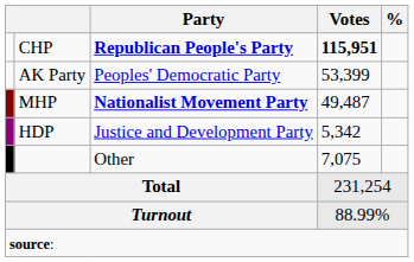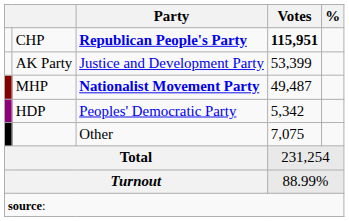 <table class="wikitable">
 <tr>
 <th colspan="2" align="center"></th>
 <th align="center">Party</th>
 <th align="center">Votes</th>
 <th align="center">%</th>
 </tr>
 <tr align="left">
 <td></td>
 <td>CHP</td>
 <td><strong><a href='#'>Republican People's Party</a></strong></td>
 <td><strong>115,951</strong></td>
 <td><strong></strong></td>
 </tr>
 <tr align="left">
 <td></td>
 <td>AK Party</td>
-<td><a href='#'>Peoples' Democratic Party</a></td>
+<td><a href='#'>Justice and Development Party</a></td>
 <td>53,399</td>
 <td></td>
 </tr>
 <tr align="left">
 <td bgcolor="#870000" width="1"></td>
 <td>MHP</td>
 <td><strong><a href='#'>Nationalist Movement Party</a></strong></td>
 <td>49,487</td>
 <td></td>
 </tr>
 <tr align="left">
 <td bgcolor="#91007B" width="1"></td>
 <td>HDP</td>
-<td><a href='#'>Justice and Development Party</a></td>
+<td><a href='#'>Peoples' Democratic Party</a></td>
 <td>5,342</td>
 <td></td>
 </tr>
 <tr align="left">
 <td bgcolor=" " width="1"></td>
 <td></td>
 <td>Other</td>
 <td>7,075</td>
 <td></td>
 </tr>
 <tr align="left" style="background-color:#E9E9E9">
 <th colspan="3" align="center"><strong>Total</strong></th>
 <td colspan="5" align="center">231,254</td>
 </tr>
 <tr align="left" style="background-color:#E9E9E9">
 <th colspan="3" align="center"><em>Turnout</em></th>
 <td colspan="5" align="center">88.99%</td>
 </tr>
 <tr>
 <td colspan="9" align="left"><small><strong>source</strong>: </small></td>
 </tr>
 </table>
